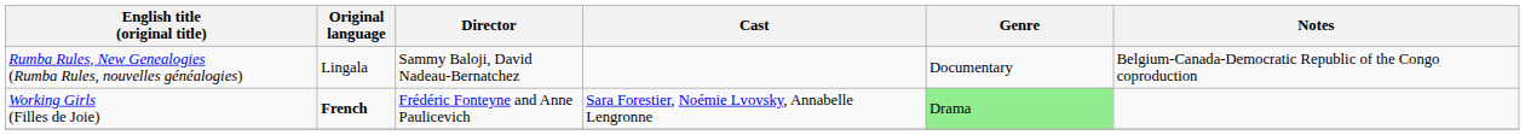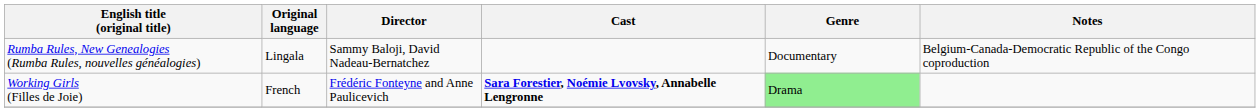 <table class="wikitable" width= "100%">
 <tr>
 <th width=20%>English title <br> (original title)</th>
 <th width=5%>Original language</th>
 <th width=12%>Director</th>
 <th width=22%>Cast</th>
 <th width=12%>Genre</th>
 <th width=26%>Notes</th>
 </tr>
 <tr>
 <td><em><a href='#'>Rumba Rules, New Genealogies</a></em><br>(<em>Rumba Rules, nouvelles généalogies</em>)</td>
 <td>Lingala</td>
 <td>Sammy Baloji, David Nadeau-Bernatchez</td>
 <td></td>
 <td>Documentary</td>
 <td>Belgium-Canada-Democratic Republic of the Congo coproduction</td>
 </tr>
 <tr>
 <td><em><a href='#'>Working Girls</a></em><br> (Filles de Joie)</td>
-<td><strong>French</strong></td>
+<td>French</td>
 <td><a href='#'>Frédéric Fonteyne</a> and Anne Paulicevich</td>
-<td><a href='#'>Sara Forestier</a>, <a href='#'>Noémie Lvovsky</a>, Annabelle Lengronne</td>
+<td><strong><a href='#'>Sara Forestier</a>, <a href='#'>Noémie Lvovsky</a>, Annabelle Lengronne</strong></td>
 <td style="background: lightgreen;">Drama</td>
 <td></td>
 </tr>
 <tr>
 </tr>
 </table>
